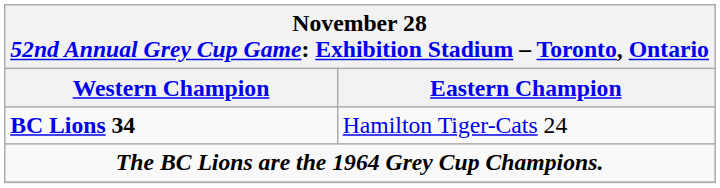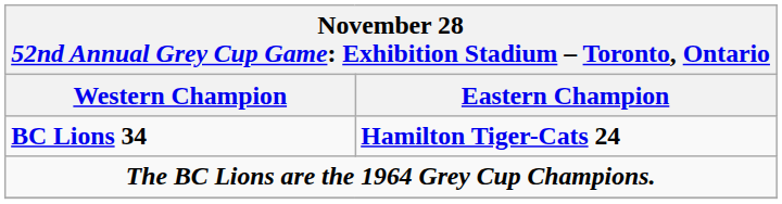 <table class="wikitable" valign="top">
 <tr>
 <th colspan="4">November 28<br><a href='#'><em>52nd Annual Grey Cup Game</em></a>: <a href='#'>Exhibition Stadium</a> – <a href='#'>Toronto</a>, <a href='#'>Ontario</a></th>
 </tr>
 <tr>
 <th><a href='#'>Western Champion</a></th>
 <th><a href='#'>Eastern Champion</a></th>
 </tr>
 <tr>
 <td><strong><a href='#'>BC Lions</a> 34</strong></td>
-<td><a href='#'>Hamilton Tiger-Cats</a> 24</td>
+<td><strong><a href='#'>Hamilton Tiger-Cats</a> 24</strong></td>
 </tr>
 <tr>
 <td align="center" colspan="4"><strong><em>The BC Lions are the 1964 Grey Cup Champions.</em></strong></td>
 </tr>
 <tr>
 </tr>
 </table>
